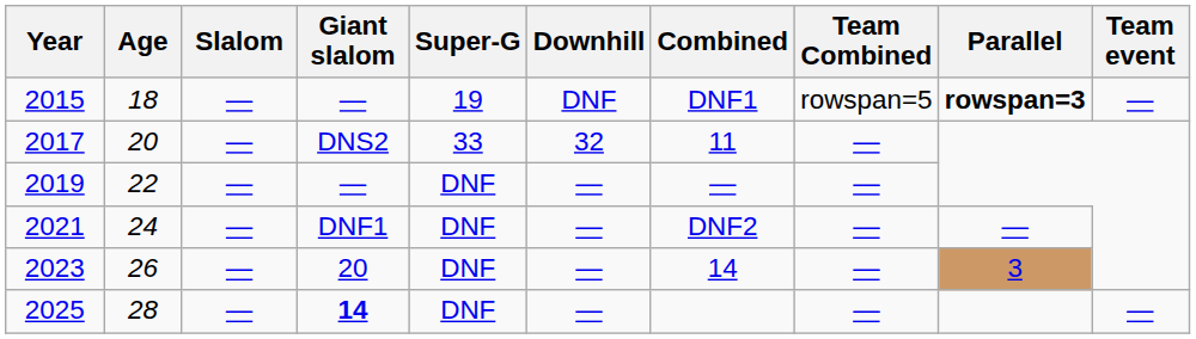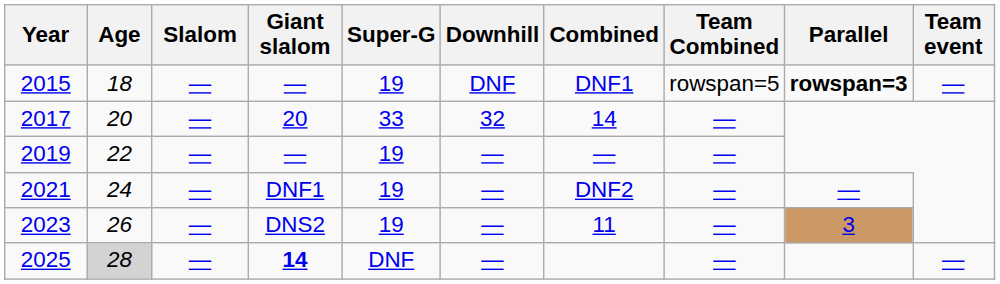 <table class=wikitable style="text-align:center">
 <tr>
 <th>  Year  </th>
 <th> Age </th>
 <th> Slalom </th>
 <th> Giant <br> slalom </th>
 <th>Super-G</th>
 <th>Downhill</th>
 <th>Combined</th>
 <th>Team<br>Combined</th>
 <th>Parallel</th>
 <th>Team<br> event </th>
 </tr>
 <tr>
 <td><a href='#'>2015</a></td>
 <td><em>18</em></td>
 <td><a href='#'>—</a></td>
 <td><a href='#'>—</a></td>
 <td><a href='#'>19</a></td>
 <td><a href='#'>DNF</a></td>
 <td><a href='#'>DNF1</a></td>
 <td>rowspan=5</td>
 <td><strong>rowspan=3</strong></td>
 <td><a href='#'>—</a></td>
 </tr>
 <tr>
 <td><a href='#'>2017</a></td>
 <td><em>20</em></td>
 <td><a href='#'>—</a></td>
-<td><a href='#'>DNS2</a></td>
+<td><a href='#'>20</a></td>
 <td><a href='#'>33</a></td>
 <td><a href='#'>32</a></td>
-<td><a href='#'>11</a></td>
+<td><a href='#'>14</a></td>
 <td><a href='#'>—</a></td>
 </tr>
 <tr>
 <td><a href='#'>2019</a></td>
 <td><em>22</em></td>
 <td><a href='#'>—</a></td>
 <td><a href='#'>—</a></td>
-<td><a href='#'>DNF</a></td>
+<td><a href='#'>19</a></td>
 <td><a href='#'>—</a></td>
 <td><a href='#'>—</a></td>
 <td><a href='#'>—</a></td>
 </tr>
 <tr>
 <td><a href='#'>2021</a></td>
 <td><em>24</em></td>
 <td><a href='#'>—</a></td>
 <td><a href='#'>DNF1</a></td>
-<td><a href='#'>DNF</a></td>
+<td><a href='#'>19</a></td>
 <td><a href='#'>—</a></td>
 <td><a href='#'>DNF2</a></td>
 <td><a href='#'>—</a></td>
 <td><a href='#'>—</a></td>
 </tr>
 <tr>
 <td><a href='#'>2023</a></td>
 <td><em>26</em></td>
 <td><a href='#'>—</a></td>
-<td><a href='#'>20</a></td>
-<td><a href='#'>DNF</a></td>
+<td><a href='#'>DNS2</a></td>
+<td><a href='#'>19</a></td>
 <td><a href='#'>—</a></td>
-<td><a href='#'>14</a></td>
+<td><a href='#'>11</a></td>
 <td><a href='#'>—</a></td>
 <td bgcolor="cc9966"><a href='#'>3</a></td>
 </tr>
 <tr>
 <td><a href='#'>2025</a></td>
-<td><em>28</em></td>
+<td style="background: lightgrey;"><em>28</em></td>
 <td><a href='#'>—</a></td>
 <td><strong><a href='#'>14</a></strong></td>
 <td><a href='#'>DNF</a></td>
 <td><a href='#'>—</a></td>
 <td></td>
 <td><a href='#'>—</a></td>
 <td></td>
 <td><a href='#'>—</a></td>
 </tr>
 </table>
